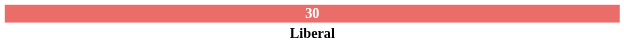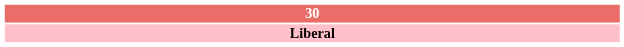 <table style="width:55%; text-align:center;">
 <tr style="color:white;">
 <td style="background:#EA6D6A; width:100.00%;"><strong>30</strong></td>
 </tr>
 <tr>
-<td><span><strong>Liberal</strong></span></td>
+<td style="background: pink;"><span><strong>Liberal</strong></span></td>
 </tr>
 </table>
